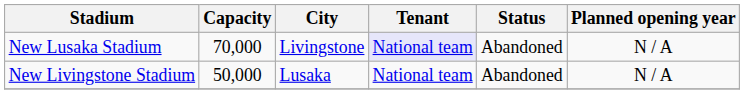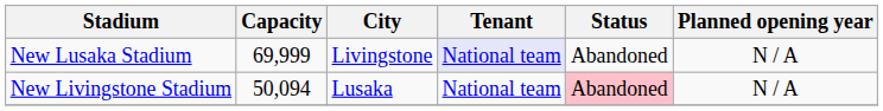 <table class="wikitable">
 <tr>
 <th>Stadium</th>
 <th>Capacity</th>
 <th>City</th>
 <th>Tenant</th>
 <th>Status</th>
 <th>Planned opening year</th>
 </tr>
 <tr>
 <td><a href='#'>New Lusaka Stadium</a></td>
-<td align="center">70,000</td>
+<td align="center">69,999</td>
 <td><a href='#'>Livingstone</a></td>
 <td style="background: lavender;"><a href='#'>National team</a></td>
 <td>Abandoned</td>
 <td align="center">N / A</td>
 </tr>
 <tr>
 <td><a href='#'>New Livingstone Stadium</a></td>
-<td align="center">50,000</td>
+<td align="center">50,094</td>
 <td><a href='#'>Lusaka</a></td>
 <td><a href='#'>National team</a></td>
-<td>Abandoned</td>
+<td style="background: pink;">Abandoned</td>
 <td align="center">N / A</td>
 </tr>
 <tr>
 </tr>
 </table>
